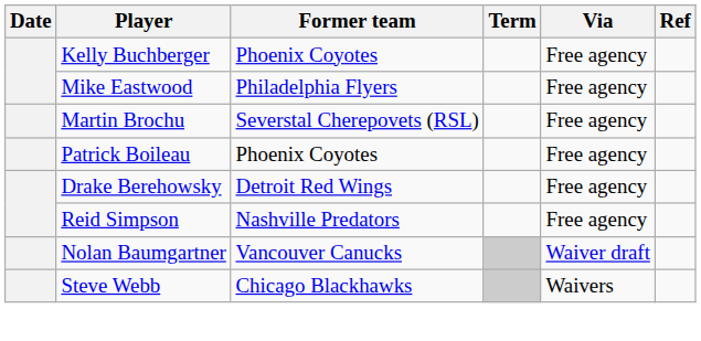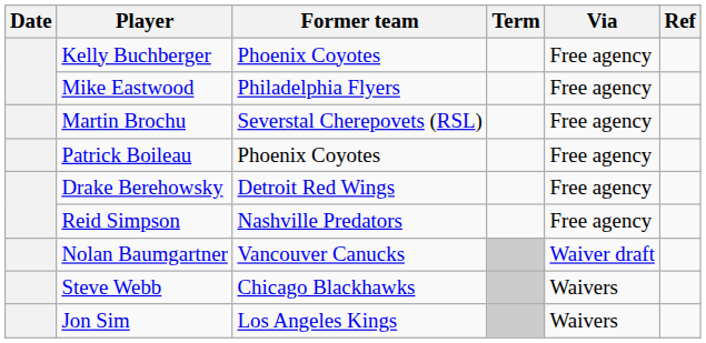 <table class="wikitable plainrowheaders">
 <tr style="background:#ddd; text-align:center;">
 <th>Date</th>
 <th>Player</th>
 <th>Former team</th>
 <th>Term</th>
 <th>Via</th>
 <th>Ref</th>
 </tr>
 <tr>
 <th scope="row" rowspan=2></th>
 <td><a href='#'>Kelly Buchberger</a></td>
 <td><a href='#'>Phoenix Coyotes</a></td>
 <td></td>
 <td>Free agency</td>
 <td></td>
 </tr>
 <tr>
 <td><a href='#'>Mike Eastwood</a></td>
 <td><a href='#'>Philadelphia Flyers</a></td>
 <td></td>
 <td>Free agency</td>
 <td></td>
 </tr>
 <tr>
 <th scope="row"></th>
 <td><a href='#'>Martin Brochu</a></td>
 <td><a href='#'>Severstal Cherepovets</a> (<a href='#'>RSL</a>)</td>
 <td></td>
 <td>Free agency</td>
 <td></td>
 </tr>
 <tr>
 <th scope="row"></th>
 <td><a href='#'>Patrick Boileau</a></td>
 <td>Phoenix Coyotes</td>
 <td></td>
 <td>Free agency</td>
 <td></td>
 </tr>
 <tr>
 <th scope="row" rowspan=2></th>
 <td><a href='#'>Drake Berehowsky</a></td>
 <td><a href='#'>Detroit Red Wings</a></td>
 <td></td>
 <td>Free agency</td>
 <td></td>
 </tr>
 <tr>
 <td><a href='#'>Reid Simpson</a></td>
 <td><a href='#'>Nashville Predators</a></td>
 <td></td>
 <td>Free agency</td>
 <td></td>
 </tr>
 <tr>
 <th scope="row"></th>
 <td><a href='#'>Nolan Baumgartner</a></td>
 <td><a href='#'>Vancouver Canucks</a></td>
 <td style="background:#ccc"></td>
 <td><a href='#'>Waiver draft</a></td>
 <td></td>
 </tr>
 <tr>
 <th scope="row"></th>
 <td><a href='#'>Steve Webb</a></td>
 <td><a href='#'>Chicago Blackhawks</a></td>
 <td style="background:#ccc"></td>
 <td>Waivers</td>
 <td></td>
 </tr>
+<tr>
+<th scope="row"></th>
+<td><a href='#'>Jon Sim</a></td>
+<td><a href='#'>Los Angeles Kings</a></td>
+<td style="background:#ccc"></td>
+<td>Waivers</td>
+<td></td>
+</tr>
 </table>
